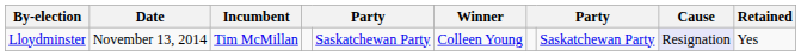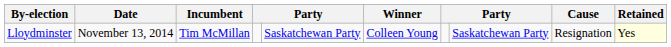 <table class=wikitable style="width:100%">
 <tr>
 <th>By-election</th>
 <th>Date</th>
 <th>Incumbent</th>
 <th colspan=2>Party</th>
 <th>Winner</th>
 <th colspan=2>Party</th>
 <th>Cause</th>
 <th>Retained</th>
 </tr>
 <tr>
 <td><a href='#'>Lloydminster</a></td>
 <td>November 13, 2014</td>
 <td><a href='#'>Tim McMillan</a></td>
 <td> </td>
 <td><a href='#'>Saskatchewan Party</a></td>
 <td><a href='#'>Colleen Young</a></td>
 <td> </td>
 <td><a href='#'>Saskatchewan Party</a></td>
-<td style="background: lavender;">Resignation</td>
-<td>Yes</td>
+<td>Resignation</td>
+<td style="background: lightyellow;">Yes</td>
 </tr>
 </table>
